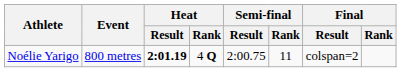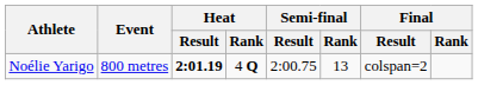 <table class="wikitable" style="font-size:90%">
 <tr>
 <th rowspan="2">Athlete</th>
 <th rowspan="2">Event</th>
 <th colspan="2">Heat</th>
 <th colspan="2">Semi-final</th>
 <th colspan="2">Final</th>
 </tr>
 <tr style="font-size:95%">
 <th>Result</th>
 <th>Rank</th>
 <th>Result</th>
 <th>Rank</th>
 <th>Result</th>
 <th>Rank</th>
 </tr>
 <tr style=text-align:center>
 <td style=text-align:left><a href='#'>Noélie Yarigo</a></td>
 <td style=text-align:left><a href='#'>800 metres</a></td>
 <td><strong>2:01.19</strong></td>
 <td>4 <strong>Q</strong></td>
 <td>2:00.75</td>
-<td>11</td>
+<td>13</td>
 <td>colspan=2 </td>
 </tr>
 </table>
